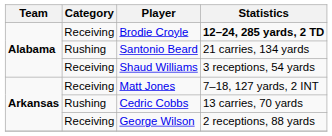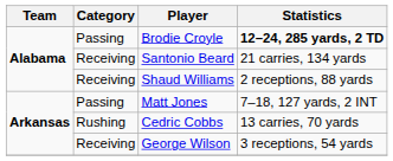 <table class="wikitable" style="float: right;">
 <tr>
 <th>Team</th>
 <th>Category</th>
 <th>Player</th>
 <th>Statistics</th>
 </tr>
 <tr>
 <td rowspan=3><strong>Alabama</strong></td>
-<td>Receiving</td>
+<td>Passing</td>
 <td><a href='#'>Brodie Croyle</a></td>
 <td><strong>12–24, 285 yards, 2 TD</strong></td>
 </tr>
 <tr>
-<td>Rushing</td>
+<td>Receiving</td>
 <td><a href='#'>Santonio Beard</a></td>
 <td>21 carries, 134 yards</td>
 </tr>
 <tr>
 <td>Receiving</td>
 <td><a href='#'>Shaud Williams</a></td>
-<td>3 receptions, 54 yards</td>
+<td>2 receptions, 88 yards</td>
 </tr>
 <tr>
 <td rowspan=3><strong>Arkansas</strong></td>
-<td>Receiving</td>
+<td>Passing</td>
 <td><a href='#'>Matt Jones</a></td>
 <td>7–18, 127 yards, 2 INT</td>
 </tr>
 <tr>
 <td>Rushing</td>
 <td><a href='#'>Cedric Cobbs</a></td>
 <td>13 carries, 70 yards</td>
 </tr>
 <tr>
 <td>Receiving</td>
 <td><a href='#'>George Wilson</a></td>
-<td>2 receptions, 88 yards</td>
+<td>3 receptions, 54 yards</td>
 </tr>
 <tr>
 </tr>
 </table>
